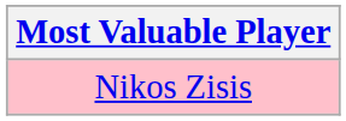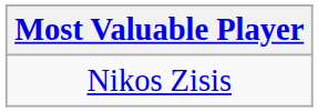 <table class=wikitable style="text-align:center; margin:auto">
 <tr>
 <th><a href='#'>Most Valuable Player</a></th>
 </tr>
 <tr>
-<td style="background: pink;"> <a href='#'>Nikos Zisis</a></td>
+<td> <a href='#'>Nikos Zisis</a></td>
 </tr>
 </table>
